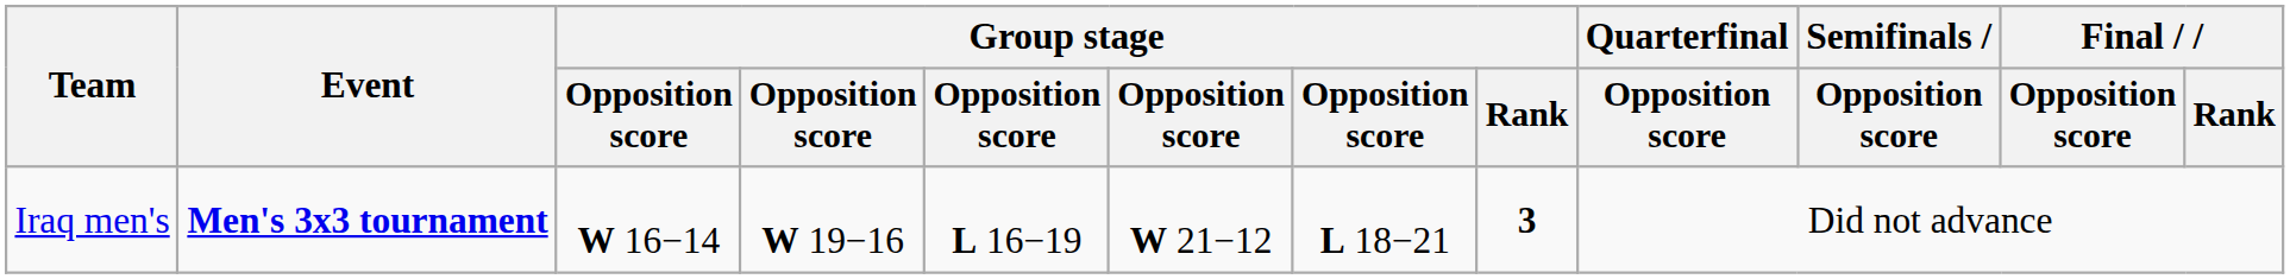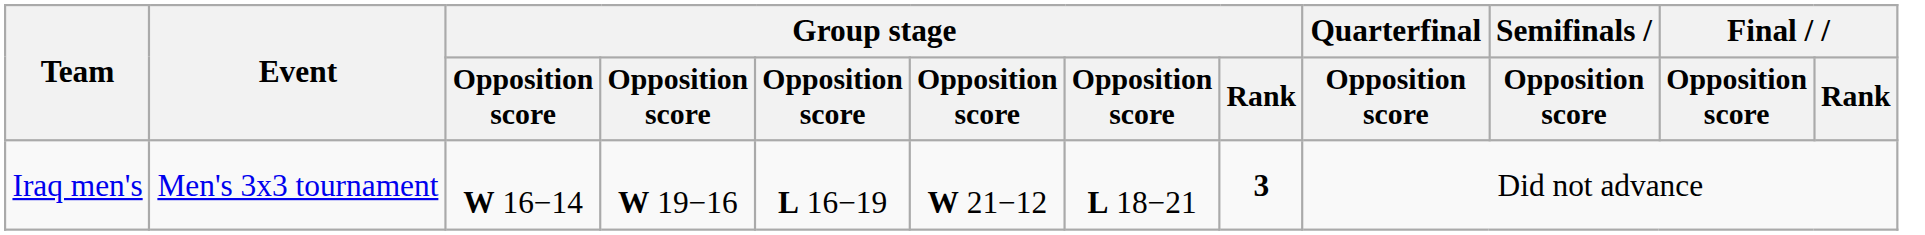 <table class=wikitable style=font-size:90%;text-align:center>
 <tr>
 <th rowspan=2>Team</th>
 <th rowspan=2>Event</th>
 <th colspan=6>Group stage</th>
 <th>Quarterfinal</th>
 <th>Semifinals / </th>
 <th colspan=2>Final /  / </th>
 </tr>
 <tr style="font-size:95%">
 <th>Opposition<br> score</th>
 <th>Opposition<br> score</th>
 <th>Opposition<br> score</th>
 <th>Opposition<br> score</th>
 <th>Opposition<br> score</th>
 <th>Rank</th>
 <th>Opposition<br> score</th>
 <th>Opposition<br> score</th>
 <th>Opposition<br> score</th>
 <th>Rank</th>
 </tr>
 <tr>
 <td align=left><a href='#'>Iraq men's</a></td>
-<td align=left><strong><a href='#'>Men's 3x3 tournament</a></strong></td>
+<td align=left><a href='#'>Men's 3x3 tournament</a></td>
 <td><br><strong>W</strong> 16−14</td>
 <td><br><strong>W</strong> 19−16</td>
 <td><br><strong>L</strong> 16−19</td>
 <td><br><strong>W</strong> 21−12</td>
 <td><br><strong>L</strong> 18−21</td>
 <td><strong>3</strong></td>
 <td colspan=4>Did not advance</td>
 </tr>
 </table>
